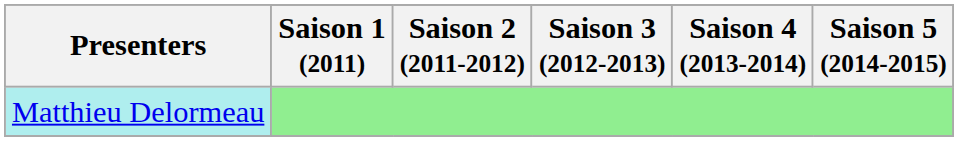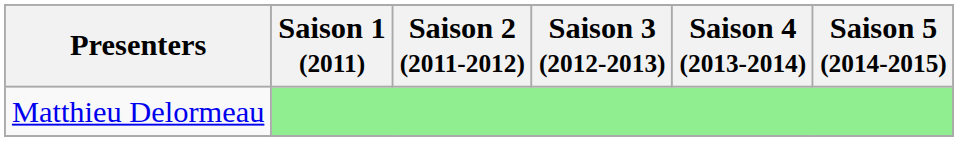 <table class="wikitable">
 <tr>
 <th rowspan="2">Presenters</th>
 </tr>
 <tr>
 <th>Saison 1<br><small>(2011)</small></th>
 <th>Saison 2<br><small>(2011-2012)</small></th>
 <th>Saison 3<br><small>(2012-2013)</small></th>
 <th>Saison 4<br><small>(2013-2014)</small></th>
 <th>Saison 5<br><small>(2014-2015)</small></th>
 </tr>
 <tr>
-<td style="background: paleturquoise;"><a href='#'>Matthieu Delormeau</a></td>
+<td><a href='#'>Matthieu Delormeau</a></td>
 <td colspan="5" align="center" bgcolor="lightgreen"></td>
 </tr>
 <tr>
 </tr>
 </table>
